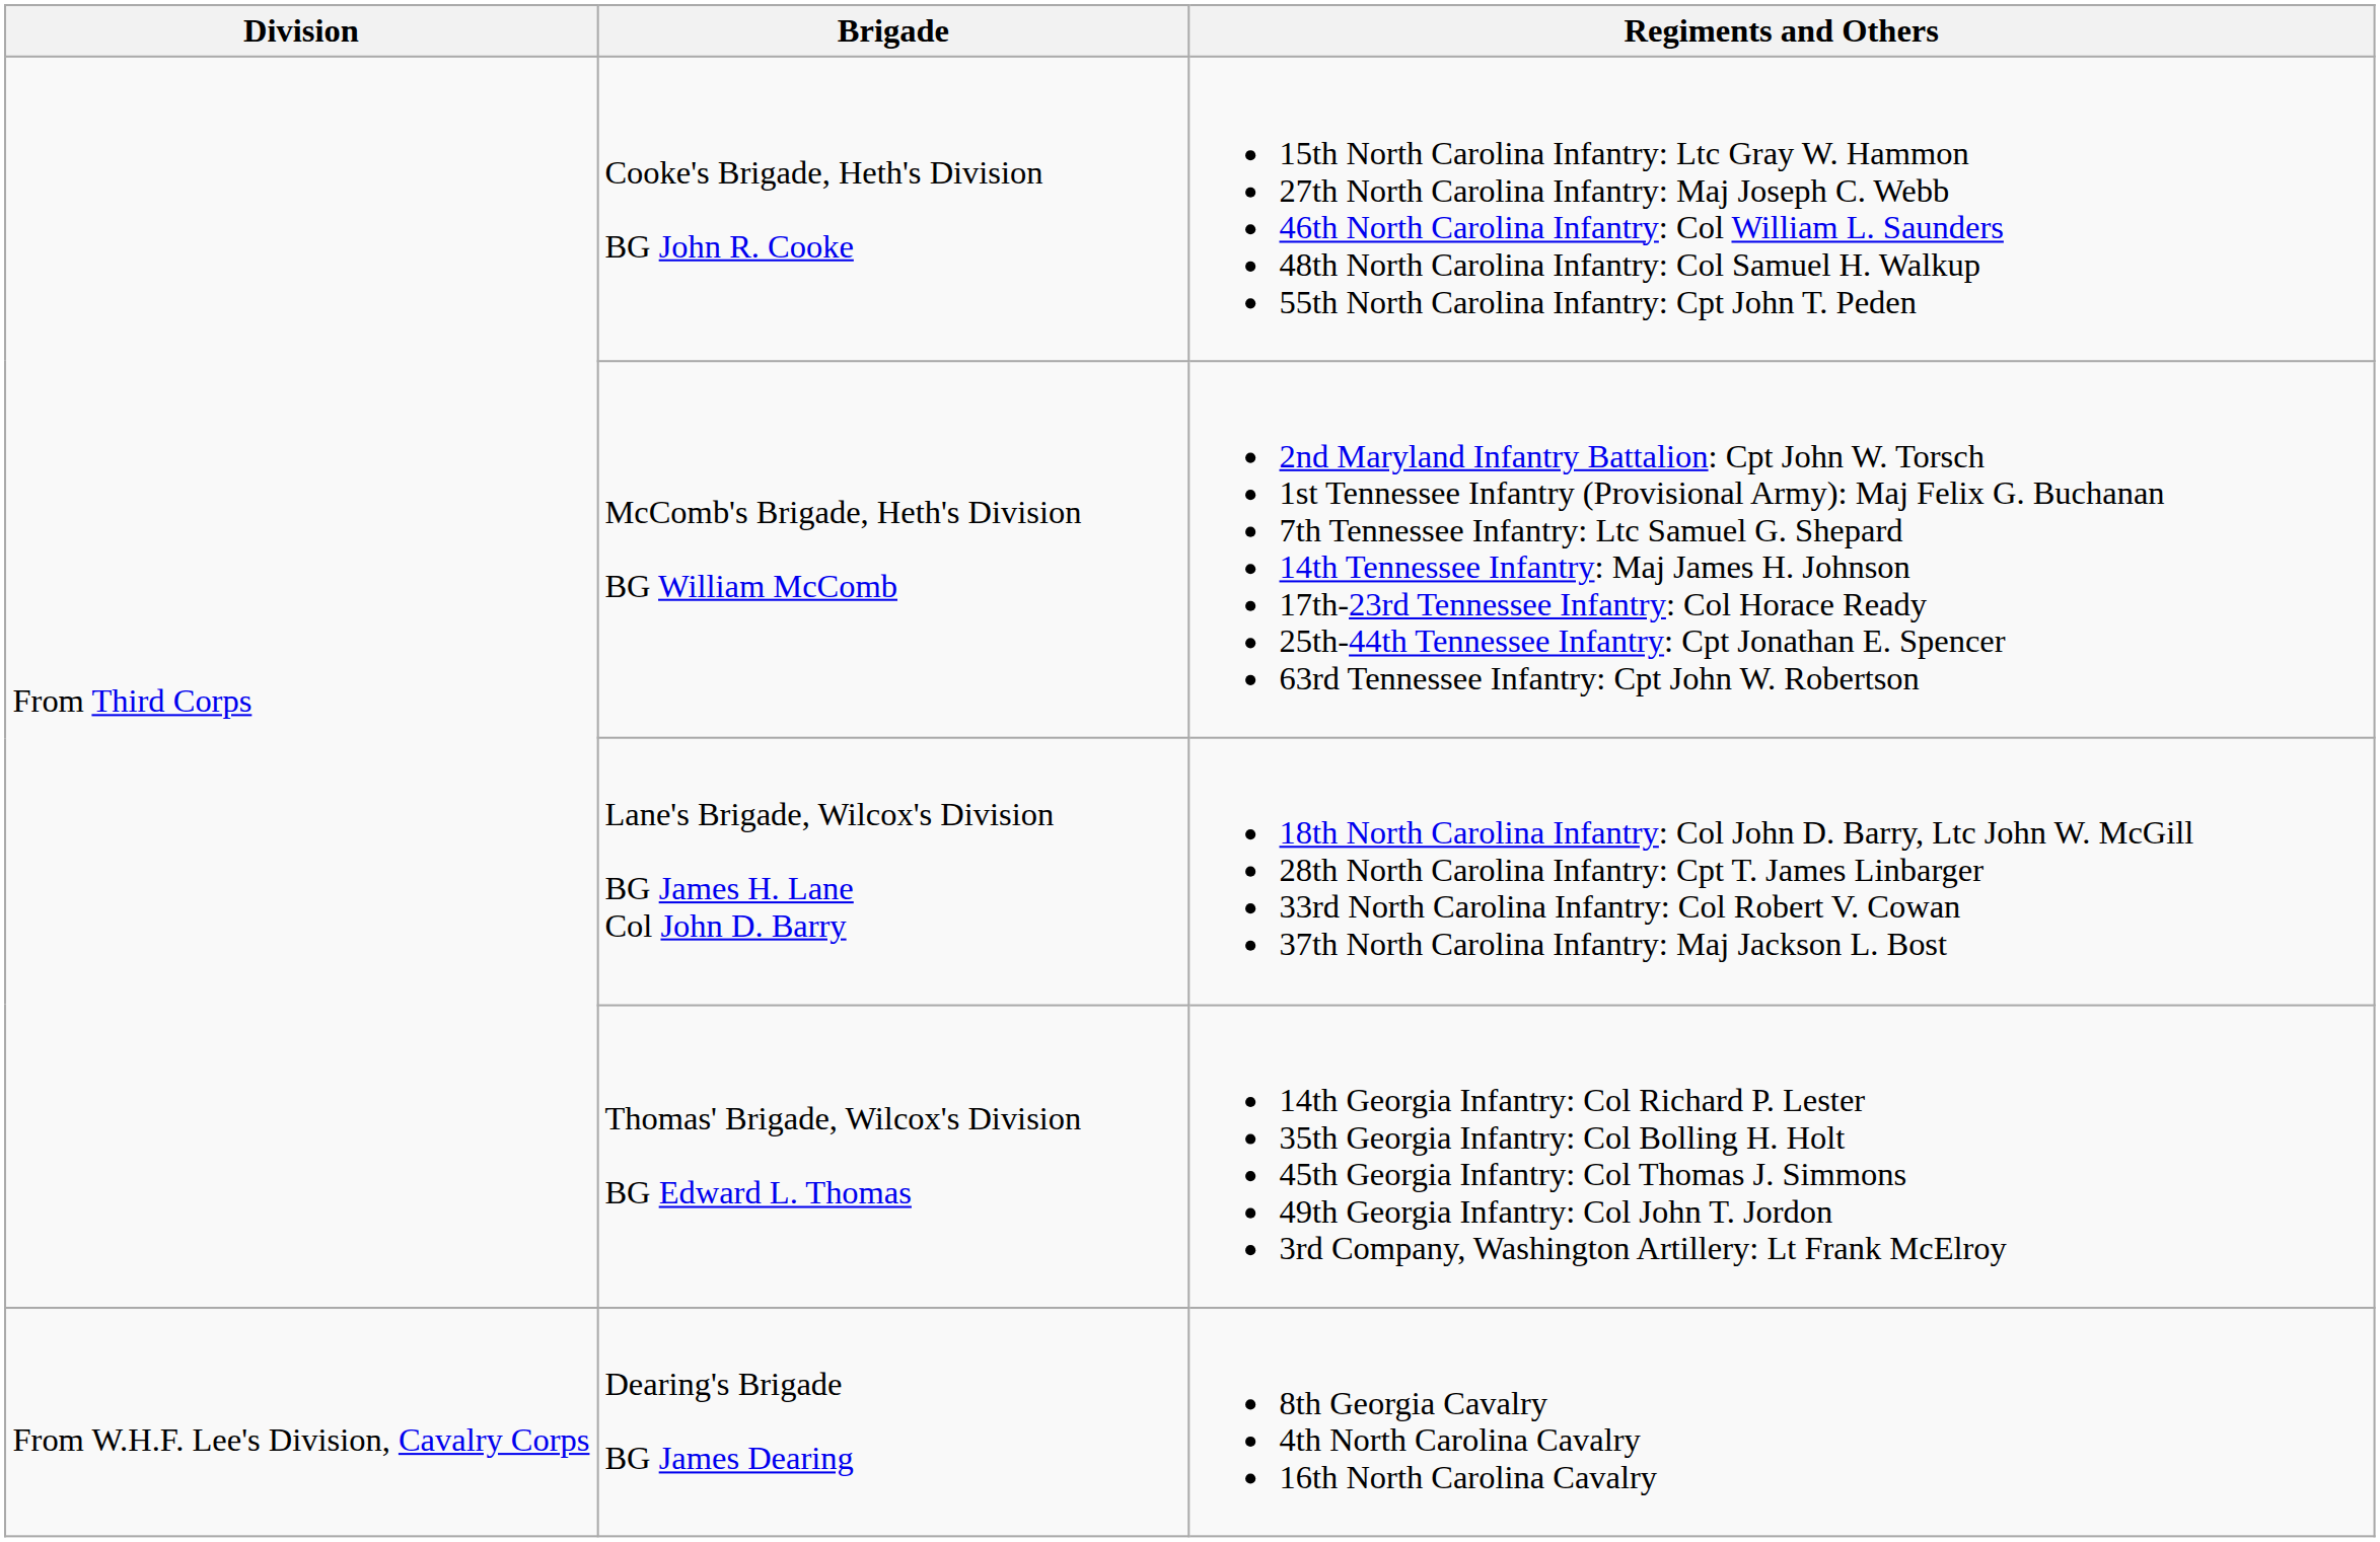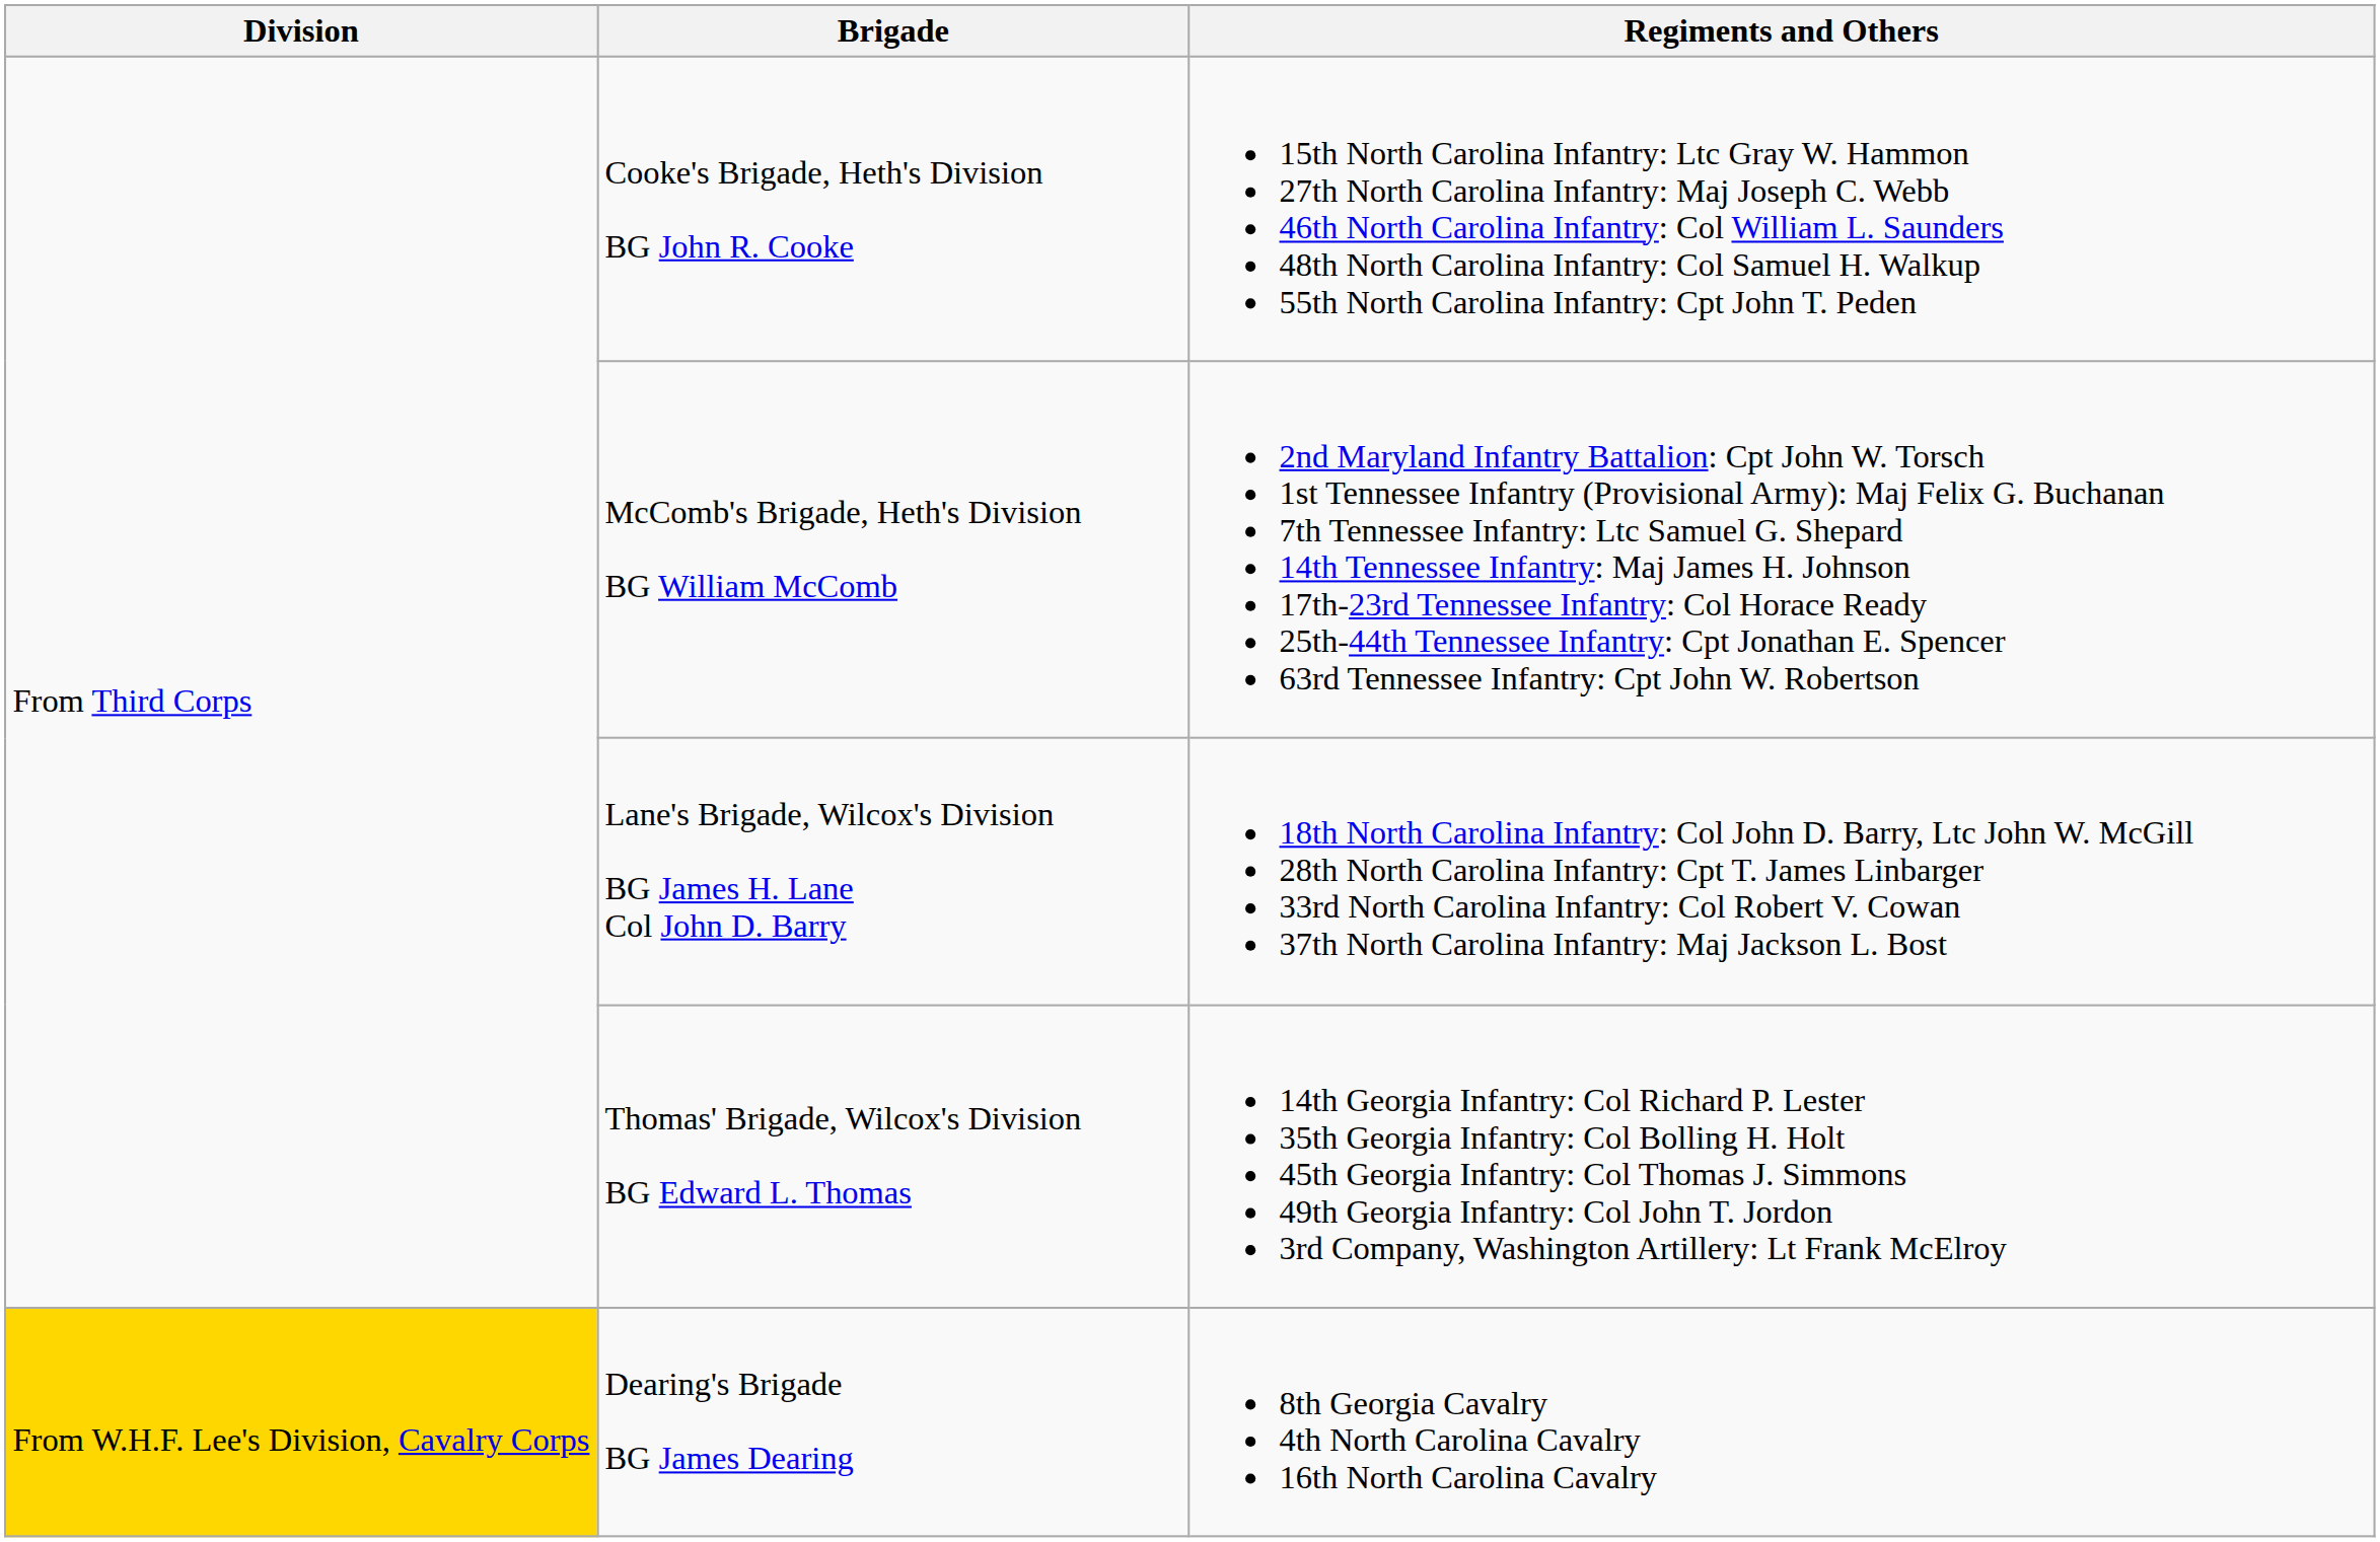 <table class="wikitable">
 <tr>
 <th width=25%>Division</th>
 <th width=25%>Brigade</th>
 <th>Regiments and Others</th>
 </tr>
 <tr>
 <td rowspan=4><br>From <a href='#'>Third Corps</a></td>
 <td>Cooke's Brigade, Heth's Division<br><br> BG <a href='#'>John R. Cooke</a></td>
 <td><br><ul><li>15th North Carolina Infantry: Ltc Gray W. Hammon</li><li>27th North Carolina Infantry: Maj Joseph C. Webb</li><li><a href='#'>46th North Carolina Infantry</a>: Col <a href='#'>William L. Saunders</a></li><li>48th North Carolina Infantry: Col Samuel H. Walkup</li><li>55th North Carolina Infantry: Cpt John T. Peden</li></ul></td>
 </tr>
 <tr>
 <td>McComb's Brigade, Heth's Division<br><br> BG <a href='#'>William McComb</a></td>
 <td><br><ul><li><a href='#'>2nd Maryland Infantry Battalion</a>: Cpt John W. Torsch</li><li>1st Tennessee Infantry (Provisional Army): Maj Felix G. Buchanan</li><li>7th Tennessee Infantry: Ltc Samuel G. Shepard</li><li><a href='#'>14th Tennessee Infantry</a>: Maj James H. Johnson</li><li>17th-<a href='#'>23rd Tennessee Infantry</a>: Col Horace Ready</li><li>25th-<a href='#'>44th Tennessee Infantry</a>: Cpt Jonathan E. Spencer</li><li>63rd Tennessee Infantry: Cpt John W. Robertson</li></ul></td>
 </tr>
 <tr>
 <td>Lane's Brigade, Wilcox's Division<br><br> BG <a href='#'>James H. Lane</a> <br> Col <a href='#'>John D. Barry</a></td>
 <td><br><ul><li><a href='#'>18th North Carolina Infantry</a>: Col John D. Barry, Ltc John W. McGill</li><li>28th North Carolina Infantry: Cpt T. James Linbarger</li><li>33rd North Carolina Infantry: Col Robert V. Cowan</li><li>37th North Carolina Infantry: Maj Jackson L. Bost</li></ul></td>
 </tr>
 <tr>
 <td>Thomas' Brigade, Wilcox's Division<br><br> BG <a href='#'>Edward L. Thomas</a></td>
 <td><br><ul><li>14th Georgia Infantry: Col Richard P. Lester</li><li>35th Georgia Infantry: Col Bolling H. Holt</li><li>45th Georgia Infantry: Col Thomas J. Simmons</li><li>49th Georgia Infantry: Col John T. Jordon</li><li>3rd Company, Washington Artillery: Lt Frank McElroy</li></ul></td>
 </tr>
 <tr>
-<td rowspan=1><br>From W.H.F. Lee's Division, <a href='#'>Cavalry Corps</a></td>
+<td rowspan=1 style="background: gold;"><br>From W.H.F. Lee's Division, <a href='#'>Cavalry Corps</a></td>
 <td>Dearing's Brigade<br><br> BG <a href='#'>James Dearing</a></td>
 <td><br><ul><li>8th Georgia Cavalry</li><li>4th North Carolina Cavalry</li><li>16th North Carolina Cavalry</li></ul></td>
 </tr>
 </table>
